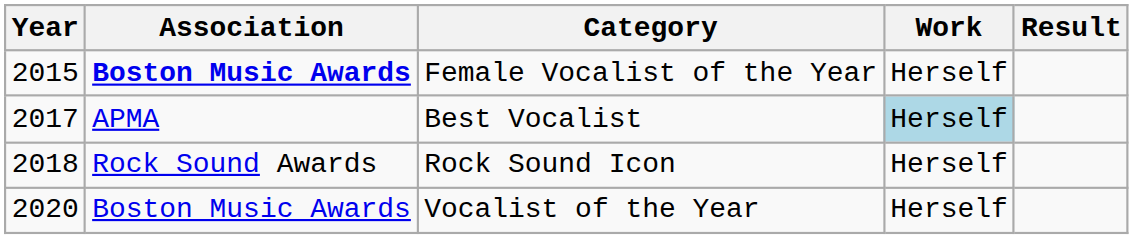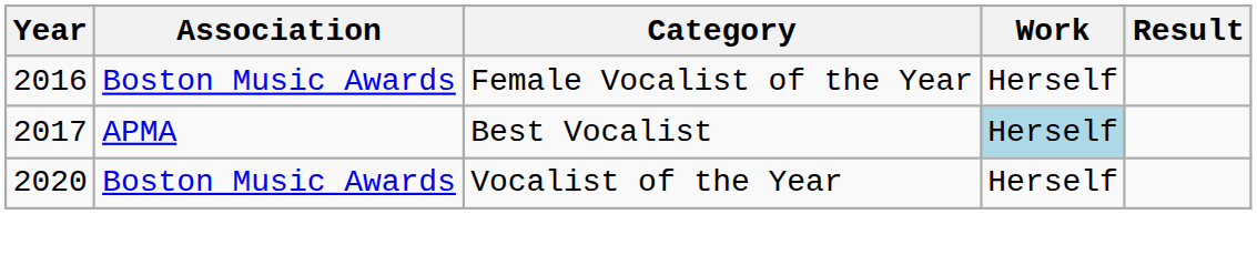 <table class="wikitable">
 <tr>
 <th>Year</th>
 <th>Association</th>
 <th>Category</th>
 <th>Work</th>
 <th>Result</th>
 </tr>
 <tr style="text-align:">
-<td>2015</td>
-<td><strong><a href='#'>Boston Music Awards</a></strong></td>
+<td>2016</td>
+<td><a href='#'>Boston Music Awards</a></td>
 <td rowspan="1">Female Vocalist of the Year</td>
 <td>Herself</td>
 <td></td>
 </tr>
 <tr>
 <td>2017</td>
 <td><a href='#'>APMA</a></td>
 <td rowspan="1">Best Vocalist</td>
 <td style="background: lightblue;">Herself</td>
 <td></td>
 </tr>
 <tr>
-<td>2018</td>
-<td><a href='#'>Rock Sound</a> Awards</td>
-<td rowspan="1">Rock Sound Icon</td>
-<td>Herself</td>
-<td></td>
-</tr>
-<tr>
 <td>2020</td>
 <td><a href='#'>Boston Music Awards</a></td>
 <td rowspan="1">Vocalist of the Year</td>
 <td>Herself</td>
 <td></td>
 </tr>
 </table>
